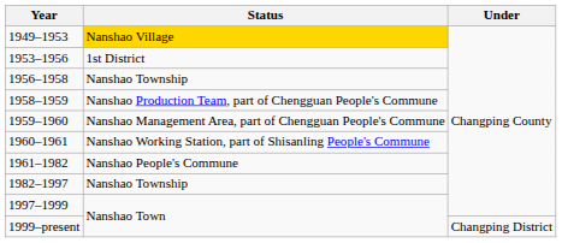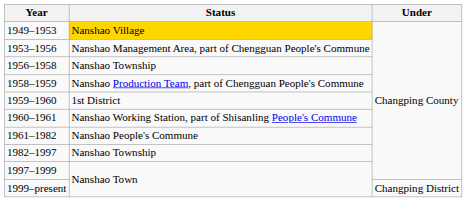 <table class="wikitable">
 <tr>
 <th>Year</th>
 <th>Status</th>
 <th>Under</th>
 </tr>
 <tr>
 <td>1949–1953</td>
 <td style="background: gold;">Nanshao Village</td>
 <td rowspan="9">Changping County</td>
 </tr>
 <tr>
 <td>1953–1956</td>
-<td>1st District</td>
+<td>Nanshao Management Area, part of Chengguan People's Commune</td>
 </tr>
 <tr>
 <td>1956–1958</td>
 <td>Nanshao Township</td>
 </tr>
 <tr>
 <td>1958–1959</td>
 <td>Nanshao <a href='#'>Production Team</a>, part of Chengguan People's Commune</td>
 </tr>
 <tr>
 <td>1959–1960</td>
-<td>Nanshao Management Area, part of Chengguan People's Commune</td>
+<td>1st District</td>
 </tr>
 <tr>
 <td>1960–1961</td>
 <td>Nanshao Working Station, part of Shisanling <a href='#'>People's Commune</a></td>
 </tr>
 <tr>
 <td>1961–1982</td>
 <td>Nanshao People's Commune</td>
 </tr>
 <tr>
 <td>1982–1997</td>
 <td>Nanshao Township</td>
 </tr>
 <tr>
 <td>1997–1999</td>
 <td rowspan="2">Nanshao Town</td>
 </tr>
 <tr>
 <td>1999–present</td>
 <td>Changping District</td>
 </tr>
 </table>
